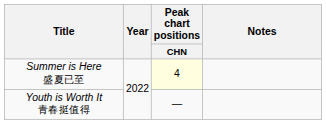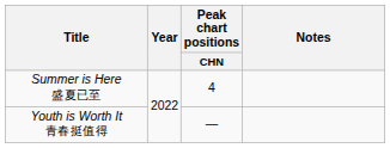 <table class="wikitable plainrowheaders" style="text-align:center;">
 <tr>
 <th scope="col" rowspan="2" style="width:11em;">Title</th>
 <th scope="col" rowspan="2" style="width:1em;">Year</th>
 <th scope="col" colspan="1">Peak chart positions</th>
 <th scope="col" rowspan="2" style="width:11em;">Notes</th>
 </tr>
 <tr>
 <th scope="col" style="width:3em;font-size:90%;">CHN</th>
 </tr>
 <tr |->
 <td><em>Summer is Here</em> <br> 盛夏已至</td>
 <td rowspan="2">2022</td>
-<td style="background: lightyellow; text-align:center">4</td>
+<td style="text-align:center">4</td>
 <td></td>
 </tr>
 <tr>
 <td><em>Youth is Worth It</em> <br> 青春挺值得</td>
 <td style="text-align:center">—</td>
 <td></td>
 </tr>
 </table>
